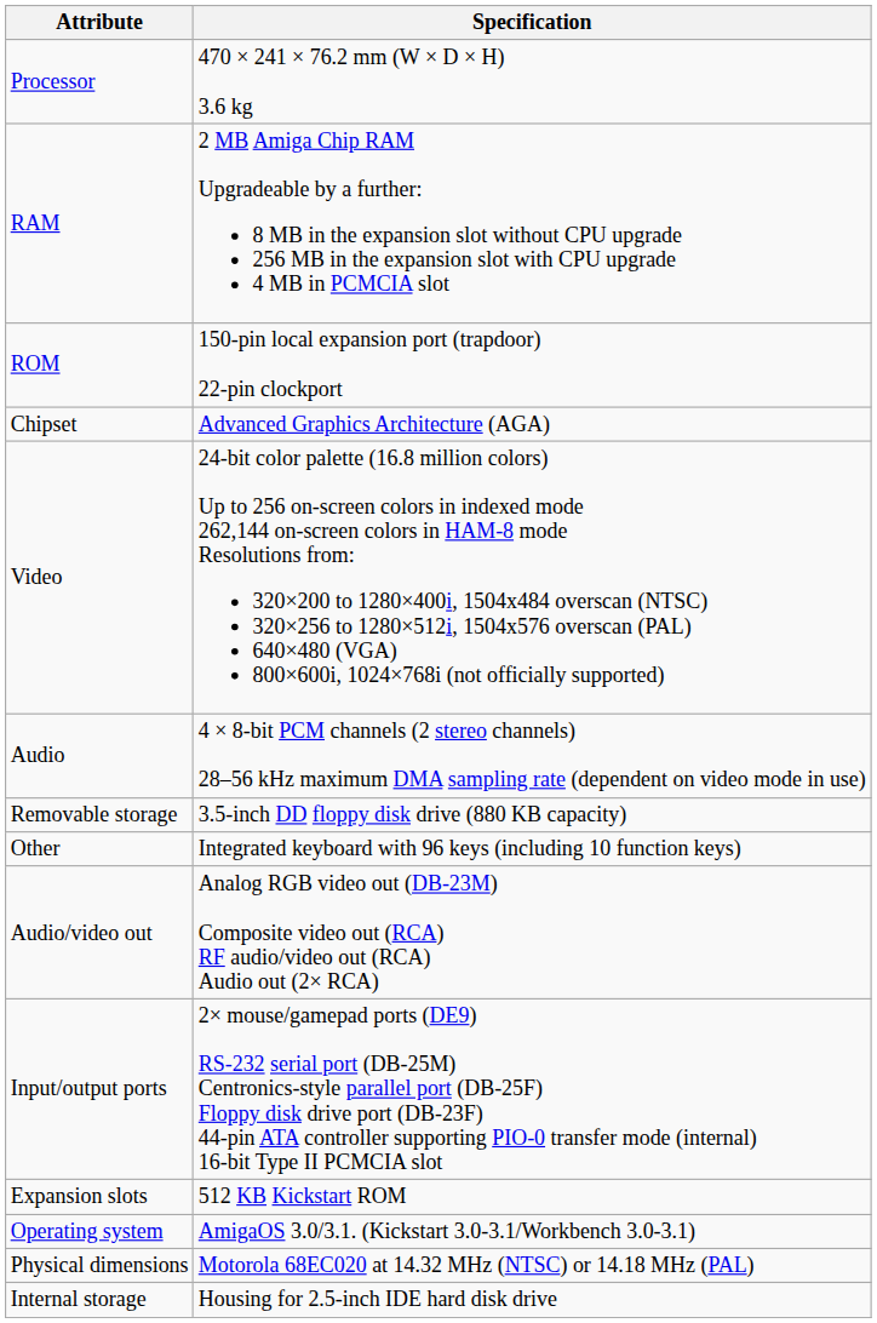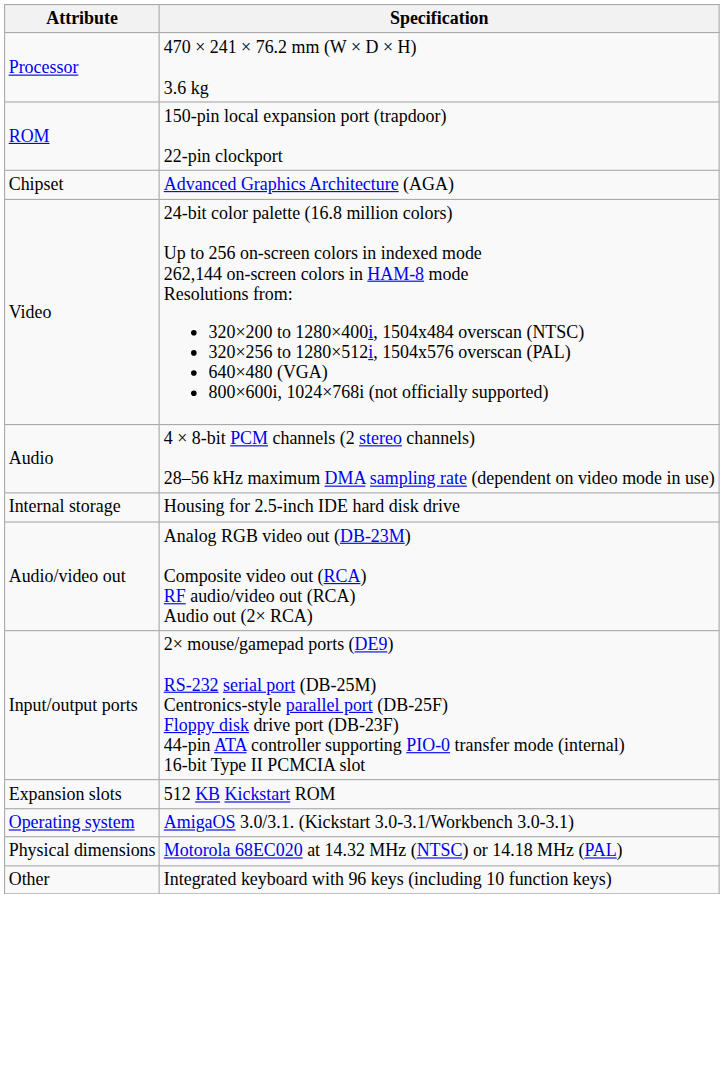 <table class="wikitable">
 <tr>
 <th>Attribute</th>
 <th>Specification</th>
 </tr>
 <tr>
 <td><a href='#'>Processor</a></td>
 <td>470 × 241 × 76.2 mm (W × D × H)<br><br>3.6 kg</td>
-</tr>
-<tr>
-<td><a href='#'>RAM</a></td>
-<td>2 <a href='#'>MB</a> <a href='#'>Amiga Chip RAM</a><br><br>Upgradeable by a further:<ul><li>8 MB in the expansion slot without CPU upgrade</li><li>256 MB in the expansion slot with CPU upgrade</li><li>4 MB in <a href='#'>PCMCIA</a> slot</li></ul></td>
 </tr>
 <tr>
 <td><a href='#'>ROM</a></td>
 <td>150-pin local expansion port (trapdoor)<br><br>22-pin clockport</td>
 </tr>
 <tr>
 <td>Chipset</td>
 <td><a href='#'>Advanced Graphics Architecture</a> (AGA)</td>
 </tr>
 <tr>
 <td>Video</td>
 <td>24-bit color palette (16.8 million colors)<br><br>Up to 256 on-screen colors in indexed mode<br> 262,144 on-screen colors in <a href='#'>HAM-8</a> mode<br> Resolutions from:<ul><li>320×200 to 1280×400<a href='#'>i</a>, 1504x484 overscan (NTSC)</li><li>320×256 to 1280×512<a href='#'>i</a>, 1504x576 overscan (PAL)</li><li>640×480 (VGA)</li><li>800×600i, 1024×768i (not officially supported)</li></ul></td>
 </tr>
 <tr>
 <td>Audio</td>
 <td>4 × 8-bit <a href='#'>PCM</a> channels (2 <a href='#'>stereo</a> channels)<br><br>28–56 kHz maximum <a href='#'>DMA</a> <a href='#'>sampling rate</a> (dependent on video mode in use)</td>
 </tr>
 <tr>
-<td>Removable storage</td>
-<td>3.5-inch <a href='#'>DD</a> <a href='#'>floppy disk</a> drive (880 KB capacity)</td>
-</tr>
-<tr>
-<td>Other</td>
-<td>Integrated keyboard with 96 keys (including 10 function keys)</td>
+<td>Internal storage</td>
+<td>Housing for 2.5-inch IDE hard disk drive</td>
 </tr>
 <tr>
 <td>Audio/video out</td>
 <td>Analog RGB video out (<a href='#'>DB-23M</a>)<br><br>Composite video out (<a href='#'>RCA</a>)<br> <a href='#'>RF</a> audio/video out (RCA)<br> Audio out (2× RCA)</td>
 </tr>
 <tr>
 <td>Input/output ports</td>
 <td>2× mouse/gamepad ports (<a href='#'>DE9</a>)<br><br><a href='#'>RS-232</a> <a href='#'>serial port</a> (DB-25M)<br> Centronics-style <a href='#'>parallel port</a> (DB-25F)<br> <a href='#'>Floppy disk</a> drive port (DB-23F)<br> 44-pin <a href='#'>ATA</a> controller supporting <a href='#'>PIO-0</a> transfer mode (internal)<br> 16-bit Type II PCMCIA slot</td>
 </tr>
 <tr>
 <td>Expansion slots</td>
 <td>512 <a href='#'>KB</a> <a href='#'>Kickstart</a> ROM</td>
 </tr>
 <tr>
 <td><a href='#'>Operating system</a></td>
 <td><a href='#'>AmigaOS</a> 3.0/3.1. (Kickstart 3.0-3.1/Workbench 3.0-3.1)</td>
 </tr>
 <tr>
 <td>Physical dimensions</td>
 <td><a href='#'>Motorola 68EC020</a> at 14.32 MHz (<a href='#'>NTSC</a>) or 14.18 MHz (<a href='#'>PAL</a>)</td>
 </tr>
 <tr>
-<td>Internal storage</td>
-<td>Housing for 2.5-inch IDE hard disk drive</td>
+<td>Other</td>
+<td>Integrated keyboard with 96 keys (including 10 function keys)</td>
 </tr>
 </table>
